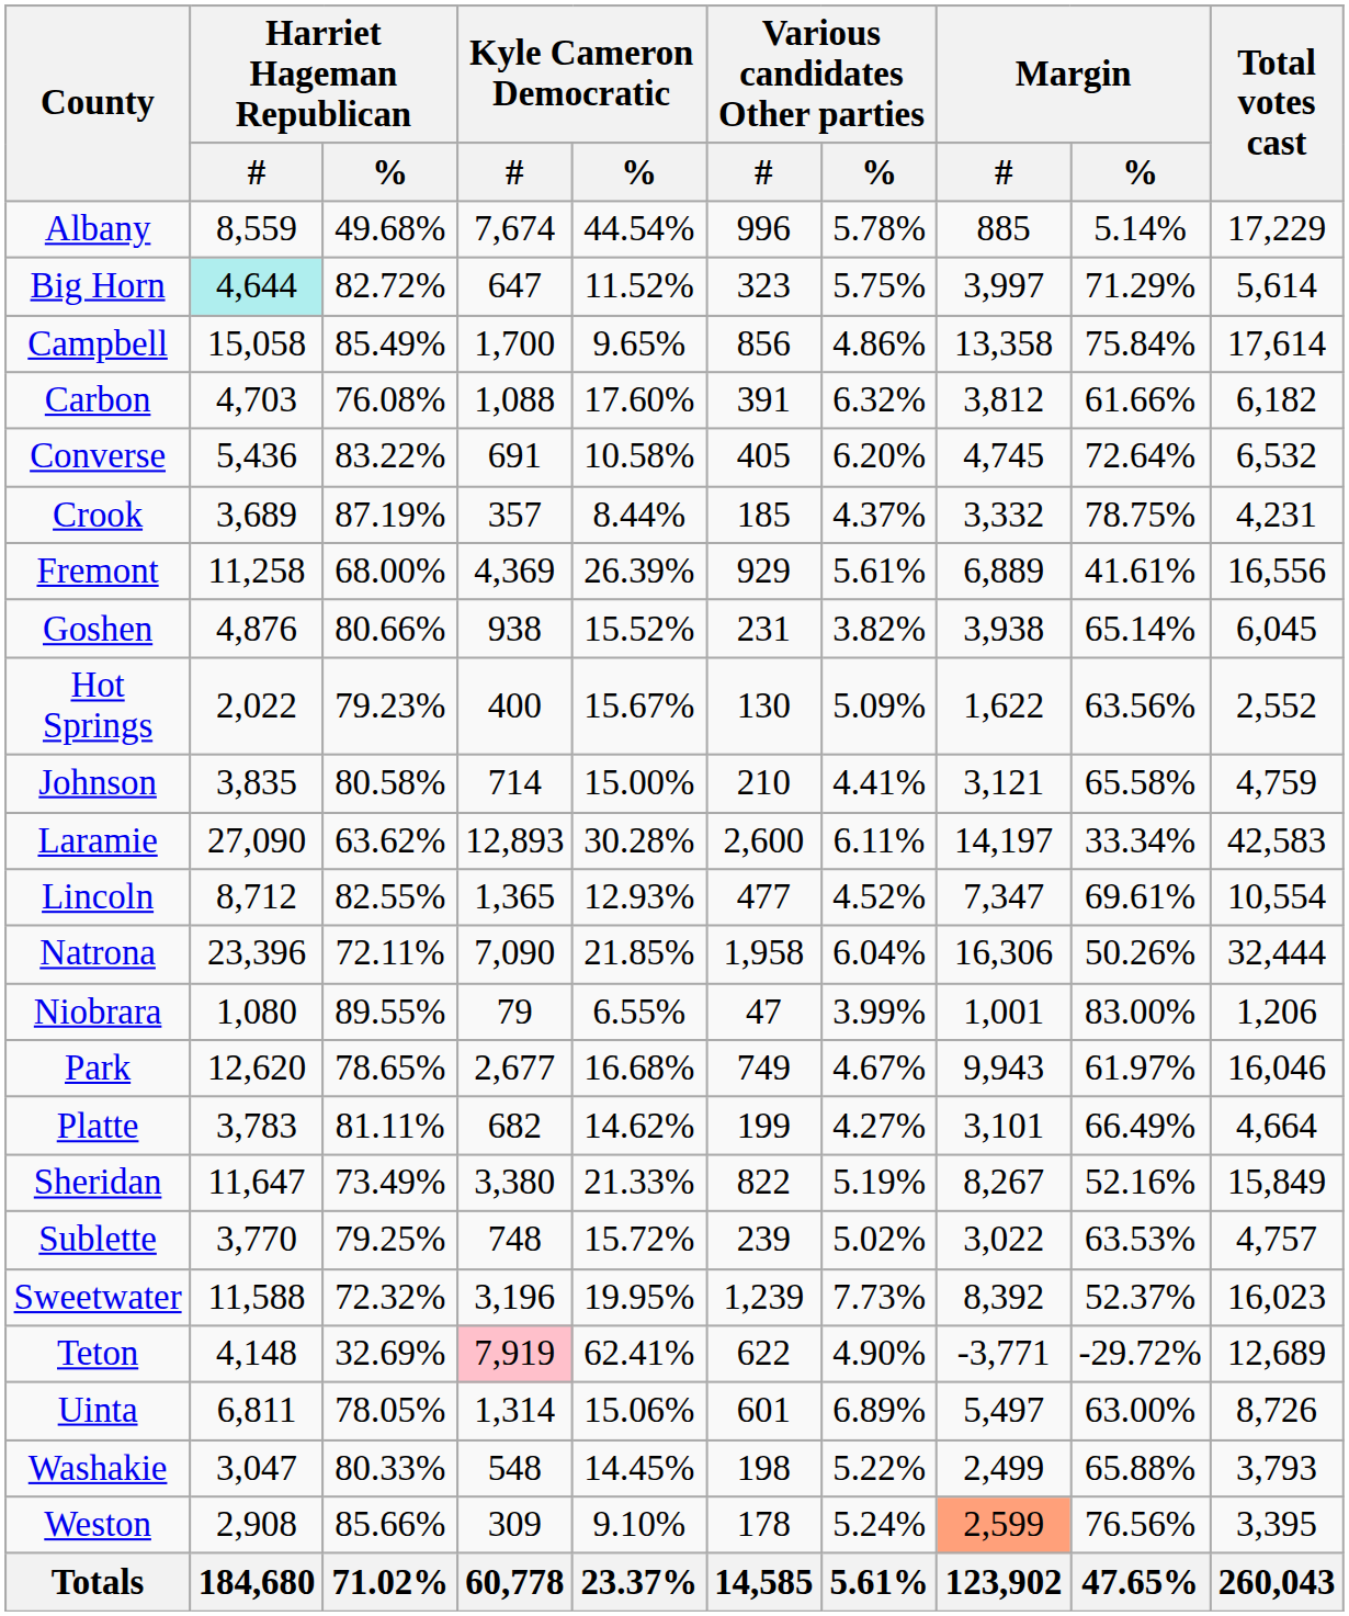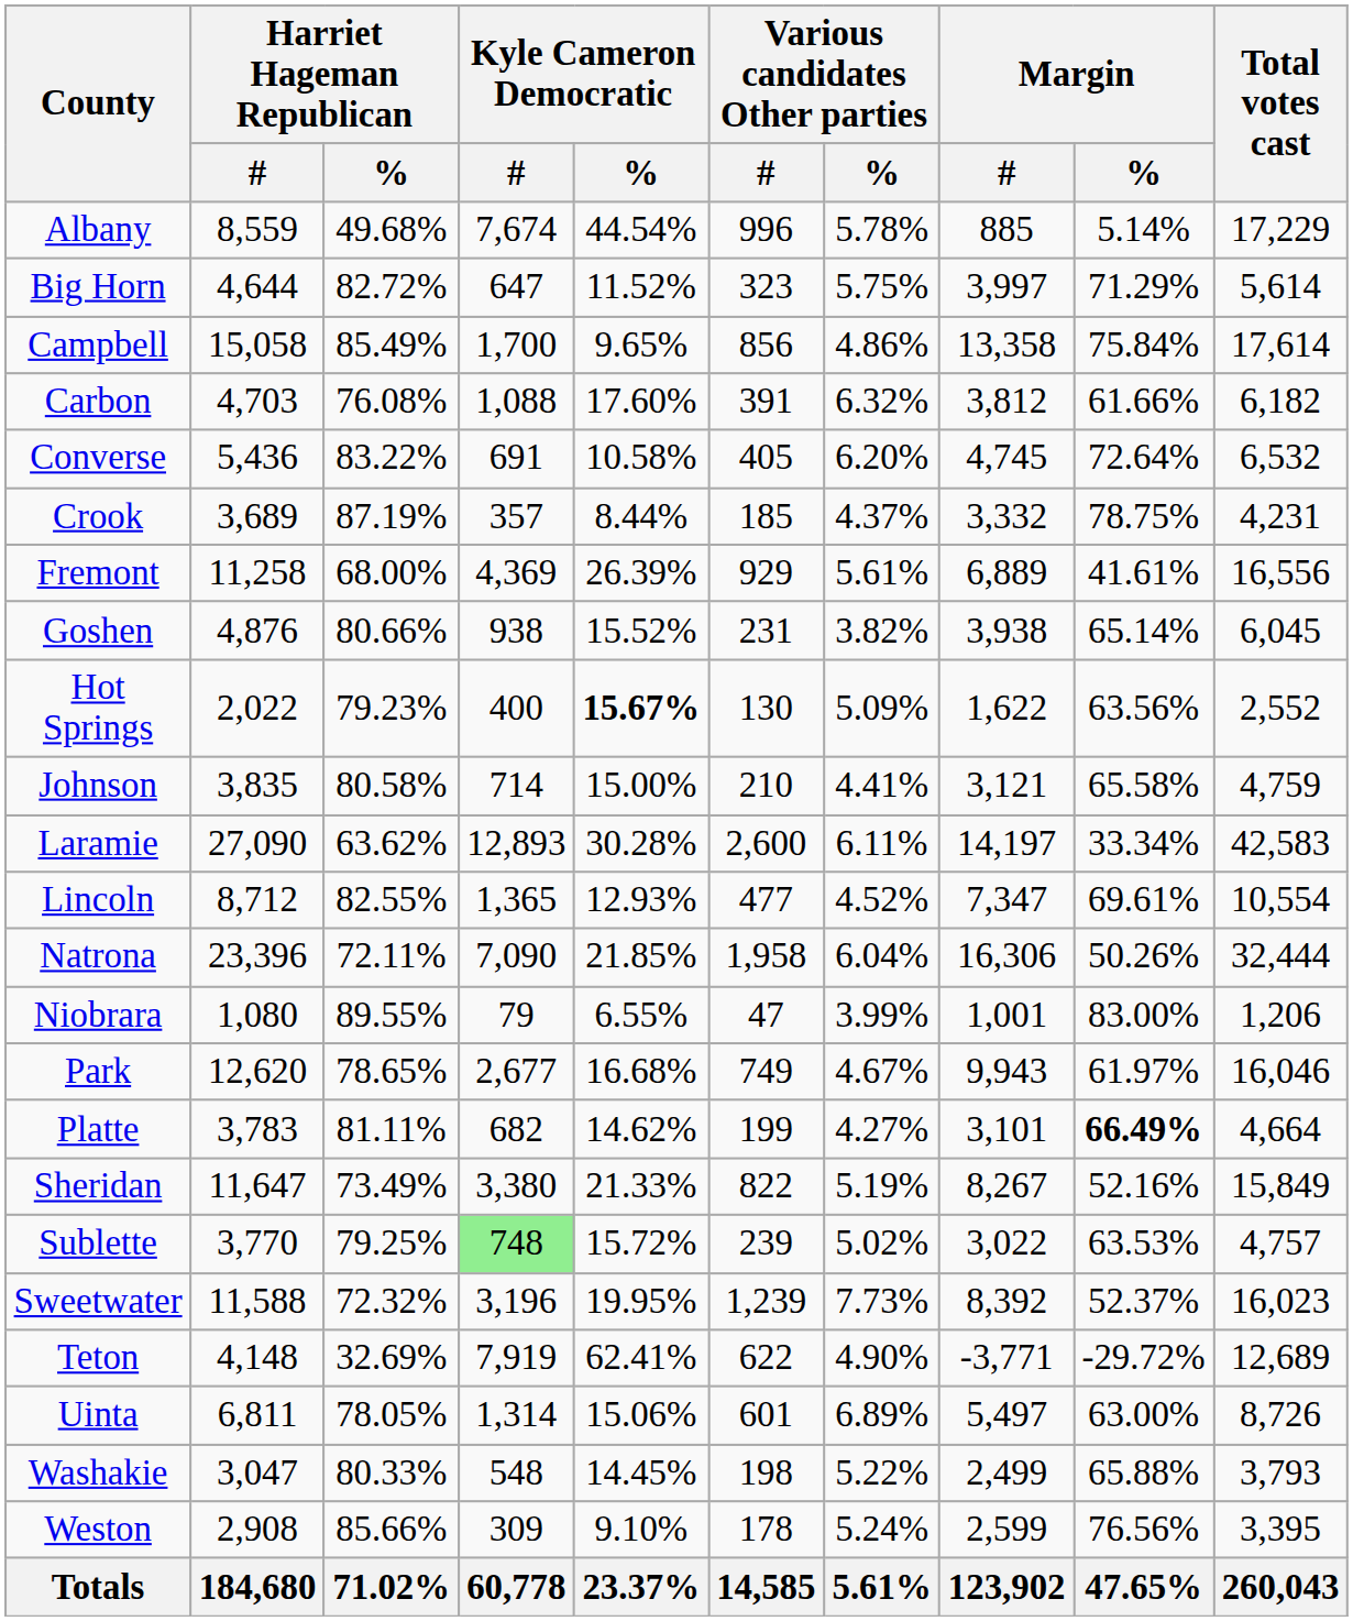 <table width="60%"  class="wikitable sortable" style="text-align:center">
 <tr>
 <th rowspan="2">County</th>
 <th style="text-align:center;" colspan="2">Harriet Hageman<br>Republican</th>
 <th style="text-align:center;" colspan="2">Kyle Cameron<br>Democratic</th>
 <th style="text-align:center;" colspan="2">Various candidates<br>Other parties</th>
 <th style="text-align:center;" colspan="2">Margin</th>
 <th rowspan="2" style="text-align:center;">Total votes cast</th>
 </tr>
 <tr>
 <th style="text-align:center;" data-sort-type="number">#</th>
 <th style="text-align:center;" data-sort-type="number">%</th>
 <th style="text-align:center;" data-sort-type="number">#</th>
 <th style="text-align:center;" data-sort-type="number">%</th>
 <th style="text-align:center;" data-sort-type="number">#</th>
 <th style="text-align:center;" data-sort-type="number">%</th>
 <th style="text-align:center;" data-sort-type="number">#</th>
 <th style="text-align:center;" data-sort-type="number">%</th>
 </tr>
 <tr style="text-align:center;">
 <td><a href='#'>Albany</a></td>
 <td>8,559</td>
 <td>49.68%</td>
 <td>7,674</td>
 <td>44.54%</td>
 <td>996</td>
 <td>5.78%</td>
 <td>885</td>
 <td>5.14%</td>
 <td>17,229</td>
 </tr>
 <tr style="text-align:center;">
 <td><a href='#'>Big Horn</a></td>
-<td style="background: paleturquoise;">4,644</td>
+<td>4,644</td>
 <td>82.72%</td>
 <td>647</td>
 <td>11.52%</td>
 <td>323</td>
 <td>5.75%</td>
 <td>3,997</td>
 <td>71.29%</td>
 <td>5,614</td>
 </tr>
 <tr style="text-align:center;">
 <td><a href='#'>Campbell</a></td>
 <td>15,058</td>
 <td>85.49%</td>
 <td>1,700</td>
 <td>9.65%</td>
 <td>856</td>
 <td>4.86%</td>
 <td>13,358</td>
 <td>75.84%</td>
 <td>17,614</td>
 </tr>
 <tr style="text-align:center;">
 <td><a href='#'>Carbon</a></td>
 <td>4,703</td>
 <td>76.08%</td>
 <td>1,088</td>
 <td>17.60%</td>
 <td>391</td>
 <td>6.32%</td>
 <td>3,812</td>
 <td>61.66%</td>
 <td>6,182</td>
 </tr>
 <tr style="text-align:center;">
 <td><a href='#'>Converse</a></td>
 <td>5,436</td>
 <td>83.22%</td>
 <td>691</td>
 <td>10.58%</td>
 <td>405</td>
 <td>6.20%</td>
 <td>4,745</td>
 <td>72.64%</td>
 <td>6,532</td>
 </tr>
 <tr style="text-align:center;">
 <td><a href='#'>Crook</a></td>
 <td>3,689</td>
 <td>87.19%</td>
 <td>357</td>
 <td>8.44%</td>
 <td>185</td>
 <td>4.37%</td>
 <td>3,332</td>
 <td>78.75%</td>
 <td>4,231</td>
 </tr>
 <tr style="text-align:center;">
 <td><a href='#'>Fremont</a></td>
 <td>11,258</td>
 <td>68.00%</td>
 <td>4,369</td>
 <td>26.39%</td>
 <td>929</td>
 <td>5.61%</td>
 <td>6,889</td>
 <td>41.61%</td>
 <td>16,556</td>
 </tr>
 <tr style="text-align:center;">
 <td><a href='#'>Goshen</a></td>
 <td>4,876</td>
 <td>80.66%</td>
 <td>938</td>
 <td>15.52%</td>
 <td>231</td>
 <td>3.82%</td>
 <td>3,938</td>
 <td>65.14%</td>
 <td>6,045</td>
 </tr>
 <tr style="text-align:center;">
 <td><a href='#'>Hot Springs</a></td>
 <td>2,022</td>
 <td>79.23%</td>
 <td>400</td>
-<td>15.67%</td>
+<td><strong>15.67%</strong></td>
 <td>130</td>
 <td>5.09%</td>
 <td>1,622</td>
 <td>63.56%</td>
 <td>2,552</td>
 </tr>
 <tr style="text-align:center;">
 <td><a href='#'>Johnson</a></td>
 <td>3,835</td>
 <td>80.58%</td>
 <td>714</td>
 <td>15.00%</td>
 <td>210</td>
 <td>4.41%</td>
 <td>3,121</td>
 <td>65.58%</td>
 <td>4,759</td>
 </tr>
 <tr style="text-align:center;">
 <td><a href='#'>Laramie</a></td>
 <td>27,090</td>
 <td>63.62%</td>
 <td>12,893</td>
 <td>30.28%</td>
 <td>2,600</td>
 <td>6.11%</td>
 <td>14,197</td>
 <td>33.34%</td>
 <td>42,583</td>
 </tr>
 <tr style="text-align:center;">
 <td><a href='#'>Lincoln</a></td>
 <td>8,712</td>
 <td>82.55%</td>
 <td>1,365</td>
 <td>12.93%</td>
 <td>477</td>
 <td>4.52%</td>
 <td>7,347</td>
 <td>69.61%</td>
 <td>10,554</td>
 </tr>
 <tr style="text-align:center;">
 <td><a href='#'>Natrona</a></td>
 <td>23,396</td>
 <td>72.11%</td>
 <td>7,090</td>
 <td>21.85%</td>
 <td>1,958</td>
 <td>6.04%</td>
 <td>16,306</td>
 <td>50.26%</td>
 <td>32,444</td>
 </tr>
 <tr style="text-align:center;">
 <td><a href='#'>Niobrara</a></td>
 <td>1,080</td>
 <td>89.55%</td>
 <td>79</td>
 <td>6.55%</td>
 <td>47</td>
 <td>3.99%</td>
 <td>1,001</td>
 <td>83.00%</td>
 <td>1,206</td>
 </tr>
 <tr style="text-align:center;">
 <td><a href='#'>Park</a></td>
 <td>12,620</td>
 <td>78.65%</td>
 <td>2,677</td>
 <td>16.68%</td>
 <td>749</td>
 <td>4.67%</td>
 <td>9,943</td>
 <td>61.97%</td>
 <td>16,046</td>
 </tr>
 <tr style="text-align:center;">
 <td><a href='#'>Platte</a></td>
 <td>3,783</td>
 <td>81.11%</td>
 <td>682</td>
 <td>14.62%</td>
 <td>199</td>
 <td>4.27%</td>
 <td>3,101</td>
-<td>66.49%</td>
+<td><strong>66.49%</strong></td>
 <td>4,664</td>
 </tr>
 <tr style="text-align:center;">
 <td><a href='#'>Sheridan</a></td>
 <td>11,647</td>
 <td>73.49%</td>
 <td>3,380</td>
 <td>21.33%</td>
 <td>822</td>
 <td>5.19%</td>
 <td>8,267</td>
 <td>52.16%</td>
 <td>15,849</td>
 </tr>
 <tr style="text-align:center;">
 <td><a href='#'>Sublette</a></td>
 <td>3,770</td>
 <td>79.25%</td>
-<td>748</td>
+<td style="background: lightgreen;">748</td>
 <td>15.72%</td>
 <td>239</td>
 <td>5.02%</td>
 <td>3,022</td>
 <td>63.53%</td>
 <td>4,757</td>
 </tr>
 <tr style="text-align:center;">
 <td><a href='#'>Sweetwater</a></td>
 <td>11,588</td>
 <td>72.32%</td>
 <td>3,196</td>
 <td>19.95%</td>
 <td>1,239</td>
 <td>7.73%</td>
 <td>8,392</td>
 <td>52.37%</td>
 <td>16,023</td>
 </tr>
 <tr style="text-align:center;">
 <td><a href='#'>Teton</a></td>
 <td>4,148</td>
 <td>32.69%</td>
-<td style="background: pink;">7,919</td>
+<td>7,919</td>
 <td>62.41%</td>
 <td>622</td>
 <td>4.90%</td>
 <td>-3,771</td>
 <td>-29.72%</td>
 <td>12,689</td>
 </tr>
 <tr style="text-align:center;">
 <td><a href='#'>Uinta</a></td>
 <td>6,811</td>
 <td>78.05%</td>
 <td>1,314</td>
 <td>15.06%</td>
 <td>601</td>
 <td>6.89%</td>
 <td>5,497</td>
 <td>63.00%</td>
 <td>8,726</td>
 </tr>
 <tr style="text-align:center;">
 <td><a href='#'>Washakie</a></td>
 <td>3,047</td>
 <td>80.33%</td>
 <td>548</td>
 <td>14.45%</td>
 <td>198</td>
 <td>5.22%</td>
 <td>2,499</td>
 <td>65.88%</td>
 <td>3,793</td>
 </tr>
 <tr style="text-align:center;">
 <td><a href='#'>Weston</a></td>
 <td>2,908</td>
 <td>85.66%</td>
 <td>309</td>
 <td>9.10%</td>
 <td>178</td>
 <td>5.24%</td>
-<td style="background: lightsalmon;">2,599</td>
+<td>2,599</td>
 <td>76.56%</td>
 <td>3,395</td>
 </tr>
 <tr style="text-align:center;">
 <th>Totals</th>
 <th>184,680</th>
 <th>71.02%</th>
 <th>60,778</th>
 <th>23.37%</th>
 <th>14,585</th>
 <th>5.61%</th>
 <th>123,902</th>
 <th>47.65%</th>
 <th>260,043</th>
 </tr>
 </table>
